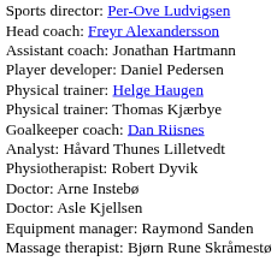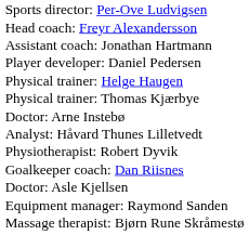 <table cellpadding="0" cellspacing="2">
 <tr>
 <td>Sports director: <a href='#'>Per-Ove Ludvigsen</a></td>
 </tr>
 <tr>
 <td>Head coach: <a href='#'>Freyr Alexandersson</a></td>
 </tr>
 <tr>
 <td>Assistant coach: Jonathan Hartmann</td>
 </tr>
 <tr>
 <td>Player developer: Daniel Pedersen</td>
 </tr>
 <tr>
 <td>Physical trainer: <a href='#'>Helge Haugen</a></td>
 </tr>
 <tr>
 <td>Physical trainer: Thomas Kjærbye</td>
 </tr>
 <tr>
-<td>Goalkeeper coach: <a href='#'>Dan Riisnes</a></td>
+<td>Doctor: Arne Instebø</td>
 </tr>
 <tr>
 <td>Analyst: Håvard Thunes Lilletvedt</td>
 </tr>
 <tr>
 <td>Physiotherapist: Robert Dyvik</td>
 </tr>
 <tr>
-<td>Doctor: Arne Instebø</td>
+<td>Goalkeeper coach: <a href='#'>Dan Riisnes</a></td>
 </tr>
 <tr>
 <td>Doctor: Asle Kjellsen</td>
 </tr>
 <tr>
 <td>Equipment manager: Raymond Sanden</td>
 </tr>
 <tr>
 <td>Massage therapist: Bjørn Rune Skråmestø</td>
 </tr>
 </table>
